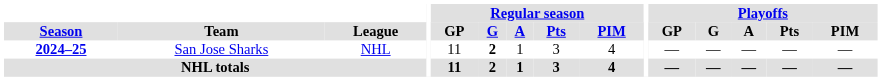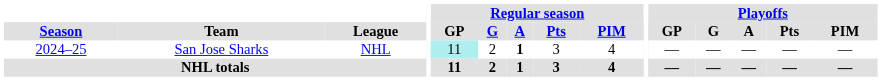 <table border="0" cellpadding="1" cellspacing="0" style="text-align:center; width:60em">
 <tr bgcolor="#e0e0e0">
 <th colspan="3" bgcolor="#ffffff"></th>
 <th rowspan="99" bgcolor="#ffffff"></th>
 <th colspan="5"><a href='#'>Regular season</a></th>
 <th rowspan="99" bgcolor="#ffffff"></th>
 <th colspan="5"><a href='#'>Playoffs</a></th>
 </tr>
 <tr bgcolor="#e0e0e0">
 <th><a href='#'>Season</a></th>
 <th>Team</th>
 <th>League</th>
 <th>GP</th>
 <th><a href='#'>G</a></th>
 <th><a href='#'>A</a></th>
 <th><a href='#'>Pts</a></th>
 <th><a href='#'>PIM</a></th>
 <th>GP</th>
 <th>G</th>
 <th>A</th>
 <th>Pts</th>
 <th>PIM</th>
 </tr>
 <tr>
-<td><strong><a href='#'>2024–25</a></strong></td>
+<td><a href='#'>2024–25</a></td>
 <td><a href='#'>San Jose Sharks</a></td>
 <td><a href='#'>NHL</a></td>
-<td>11</td>
-<td><strong>2</strong></td>
-<td>1</td>
+<td style="background: paleturquoise;">11</td>
+<td>2</td>
+<td><strong>1</strong></td>
 <td>3</td>
 <td>4</td>
 <td>—</td>
 <td>—</td>
 <td>—</td>
 <td>—</td>
 <td>—</td>
 </tr>
 <tr style="background:#e0e0e0;">
 <th colspan="3">NHL totals</th>
 <th>11</th>
 <th>2</th>
 <th>1</th>
 <th>3</th>
 <th>4</th>
 <th>—</th>
 <th>—</th>
 <th>—</th>
 <th>—</th>
 <th>—</th>
 </tr>
 </table>
